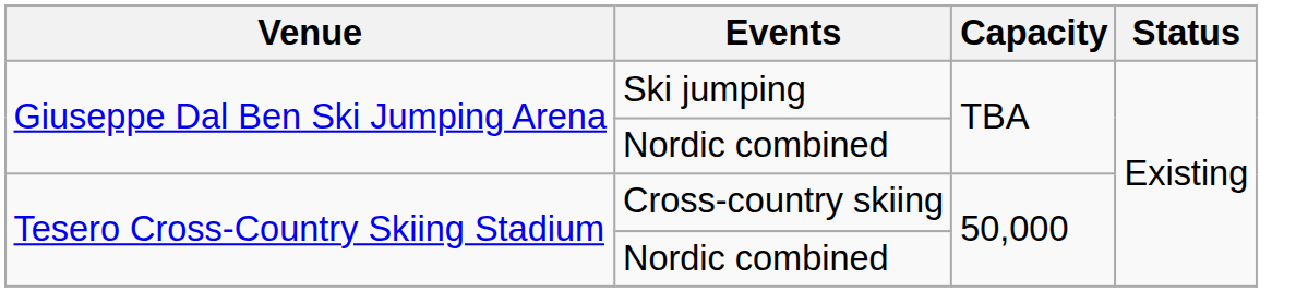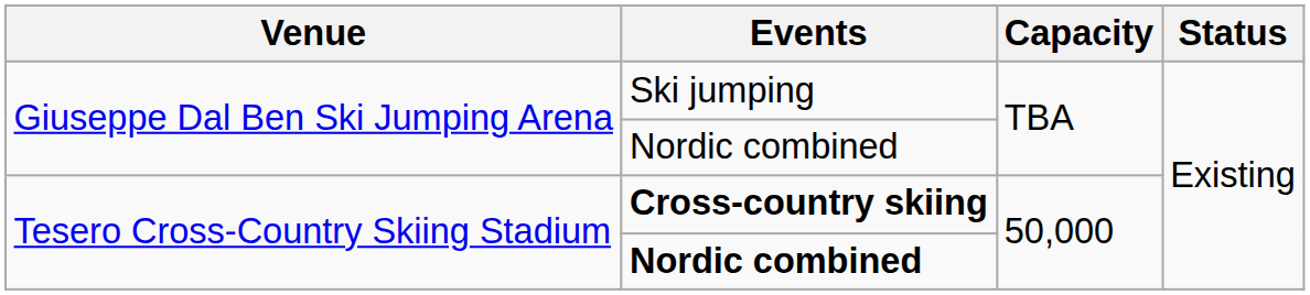 <table class="wikitable sortable">
 <tr>
 <th>Venue</th>
 <th>Events</th>
 <th>Capacity</th>
 <th>Status</th>
 </tr>
 <tr>
 <td rowspan=2><a href='#'>Giuseppe Dal Ben Ski Jumping Arena</a></td>
 <td>Ski jumping</td>
 <td rowspan=2>TBA</td>
 <td rowspan="4">Existing</td>
 </tr>
 <tr>
 <td>Nordic combined</td>
 </tr>
 <tr>
 <td rowspan=2><a href='#'>Tesero Cross-Country Skiing Stadium</a></td>
-<td>Cross-country skiing</td>
+<td><strong>Cross-country skiing</strong></td>
 <td rowspan=2>50,000</td>
 </tr>
 <tr>
-<td>Nordic combined</td>
+<td><strong>Nordic combined</strong></td>
 </tr>
 </table>
